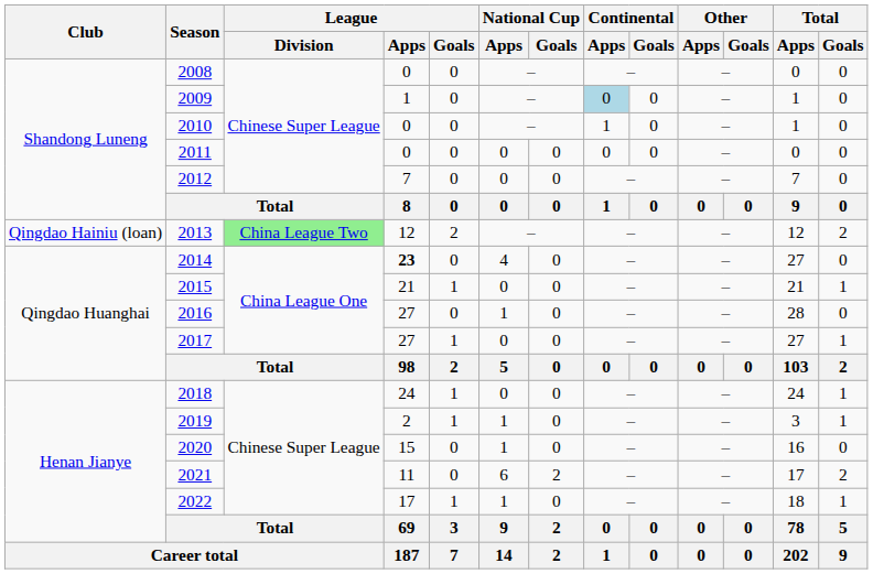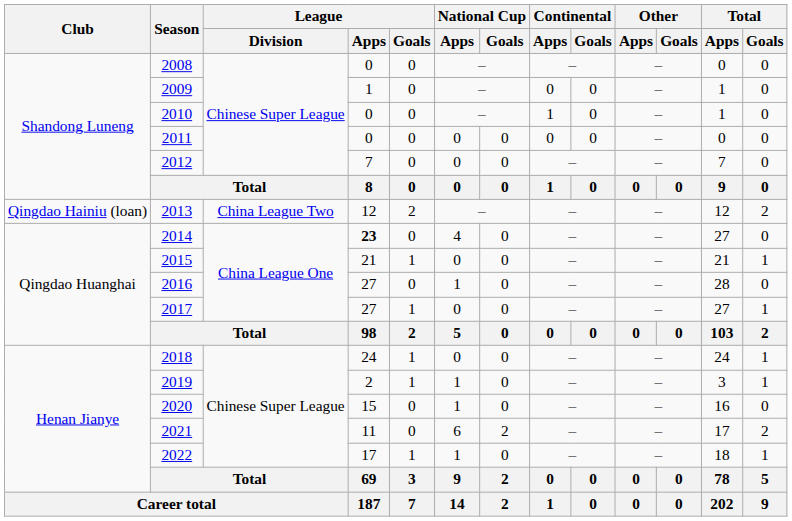 <table class="wikitable" style="text-align: center">
 <tr>
 <th rowspan="2">Club</th>
 <th rowspan="2">Season</th>
 <th colspan="3">League</th>
 <th colspan="2">National Cup</th>
 <th colspan="2">Continental</th>
 <th colspan="2">Other</th>
 <th colspan="2">Total</th>
 </tr>
 <tr>
 <th>Division</th>
 <th>Apps</th>
 <th>Goals</th>
 <th>Apps</th>
 <th>Goals</th>
 <th>Apps</th>
 <th>Goals</th>
 <th>Apps</th>
 <th>Goals</th>
 <th>Apps</th>
 <th>Goals</th>
 </tr>
 <tr>
 <td rowspan="6"><a href='#'>Shandong Luneng</a></td>
 <td><a href='#'>2008</a></td>
 <td rowspan="5"><a href='#'>Chinese Super League</a></td>
 <td>0</td>
 <td>0</td>
 <td colspan="2">–</td>
 <td colspan="2">–</td>
 <td colspan="2">–</td>
 <td>0</td>
 <td>0</td>
 </tr>
 <tr>
 <td><a href='#'>2009</a></td>
 <td>1</td>
 <td>0</td>
 <td colspan="2">–</td>
-<td style="background: lightblue;">0</td>
+<td>0</td>
 <td>0</td>
 <td colspan="2">–</td>
 <td>1</td>
 <td>0</td>
 </tr>
 <tr>
 <td><a href='#'>2010</a></td>
 <td>0</td>
 <td>0</td>
 <td colspan="2">–</td>
 <td>1</td>
 <td>0</td>
 <td colspan="2">–</td>
 <td>1</td>
 <td>0</td>
 </tr>
 <tr>
 <td><a href='#'>2011</a></td>
 <td>0</td>
 <td>0</td>
 <td>0</td>
 <td>0</td>
 <td>0</td>
 <td>0</td>
 <td colspan="2">–</td>
 <td>0</td>
 <td>0</td>
 </tr>
 <tr>
 <td><a href='#'>2012</a></td>
 <td>7</td>
 <td>0</td>
 <td>0</td>
 <td>0</td>
 <td colspan="2">–</td>
 <td colspan="2">–</td>
 <td>7</td>
 <td>0</td>
 </tr>
 <tr>
 <th colspan="2"><strong>Total</strong></th>
 <th>8</th>
 <th>0</th>
 <th>0</th>
 <th>0</th>
 <th>1</th>
 <th>0</th>
 <th>0</th>
 <th>0</th>
 <th>9</th>
 <th>0</th>
 </tr>
 <tr>
 <td rowspan="1"><a href='#'>Qingdao Hainiu</a> (loan)</td>
 <td><a href='#'>2013</a></td>
-<td rowspan="1" style="background: lightgreen;"><a href='#'>China League Two</a></td>
+<td rowspan="1"><a href='#'>China League Two</a></td>
 <td>12</td>
 <td>2</td>
 <td colspan="2">–</td>
 <td colspan="2">–</td>
 <td colspan="2">–</td>
 <td>12</td>
 <td>2</td>
 </tr>
 <tr>
 <td rowspan="5">Qingdao Huanghai</td>
 <td><a href='#'>2014</a></td>
 <td rowspan="4"><a href='#'>China League One</a></td>
 <td><strong>23</strong></td>
 <td>0</td>
 <td>4</td>
 <td>0</td>
 <td colspan="2">–</td>
 <td colspan="2">–</td>
 <td>27</td>
 <td>0</td>
 </tr>
 <tr>
 <td><a href='#'>2015</a></td>
 <td>21</td>
 <td>1</td>
 <td>0</td>
 <td>0</td>
 <td colspan="2">–</td>
 <td colspan="2">–</td>
 <td>21</td>
 <td>1</td>
 </tr>
 <tr>
 <td><a href='#'>2016</a></td>
 <td>27</td>
 <td>0</td>
 <td>1</td>
 <td>0</td>
 <td colspan="2">–</td>
 <td colspan="2">–</td>
 <td>28</td>
 <td>0</td>
 </tr>
 <tr>
 <td><a href='#'>2017</a></td>
 <td>27</td>
 <td>1</td>
 <td>0</td>
 <td>0</td>
 <td colspan="2">–</td>
 <td colspan="2">–</td>
 <td>27</td>
 <td>1</td>
 </tr>
 <tr>
 <th colspan="2"><strong>Total</strong></th>
 <th>98</th>
 <th>2</th>
 <th>5</th>
 <th>0</th>
 <th>0</th>
 <th>0</th>
 <th>0</th>
 <th>0</th>
 <th>103</th>
 <th>2</th>
 </tr>
 <tr>
 <td rowspan="6"><a href='#'>Henan Jianye</a></td>
 <td><a href='#'>2018</a></td>
 <td rowspan="5">Chinese Super League</td>
 <td>24</td>
 <td>1</td>
 <td>0</td>
 <td>0</td>
 <td colspan="2">–</td>
 <td colspan="2">–</td>
 <td>24</td>
 <td>1</td>
 </tr>
 <tr>
 <td><a href='#'>2019</a></td>
 <td>2</td>
 <td>1</td>
 <td>1</td>
 <td>0</td>
 <td colspan="2">–</td>
 <td colspan="2">–</td>
 <td>3</td>
 <td>1</td>
 </tr>
 <tr>
 <td><a href='#'>2020</a></td>
 <td>15</td>
 <td>0</td>
 <td>1</td>
 <td>0</td>
 <td colspan="2">–</td>
 <td colspan="2">–</td>
 <td>16</td>
 <td>0</td>
 </tr>
 <tr>
 <td><a href='#'>2021</a></td>
 <td>11</td>
 <td>0</td>
 <td>6</td>
 <td>2</td>
 <td colspan="2">–</td>
 <td colspan="2">–</td>
 <td>17</td>
 <td>2</td>
 </tr>
 <tr>
 <td><a href='#'>2022</a></td>
 <td>17</td>
 <td>1</td>
 <td>1</td>
 <td>0</td>
 <td colspan="2">–</td>
 <td colspan="2">–</td>
 <td>18</td>
 <td>1</td>
 </tr>
 <tr>
 <th colspan="2"><strong>Total</strong></th>
 <th>69</th>
 <th>3</th>
 <th>9</th>
 <th>2</th>
 <th>0</th>
 <th>0</th>
 <th>0</th>
 <th>0</th>
 <th>78</th>
 <th>5</th>
 </tr>
 <tr>
 <th colspan="3">Career total</th>
 <th>187</th>
 <th>7</th>
 <th>14</th>
 <th>2</th>
 <th>1</th>
 <th>0</th>
 <th>0</th>
 <th>0</th>
 <th>202</th>
 <th>9</th>
 </tr>
 </table>
